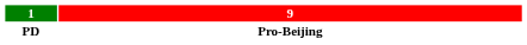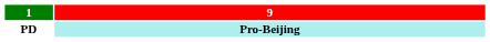 <table style="width:50%; text-align:center;">
 <tr style="color:white;">
 <td style="background:green; width:10%;"><strong>1</strong></td>
 <td style="background:red; width:90%;"><strong>9</strong></td>
 </tr>
 <tr>
 <td><span><strong>PD</strong></span></td>
-<td><span><strong>Pro-Beijing</strong></span></td>
+<td style="background: paleturquoise;"><span><strong>Pro-Beijing</strong></span></td>
 </tr>
 </table>
